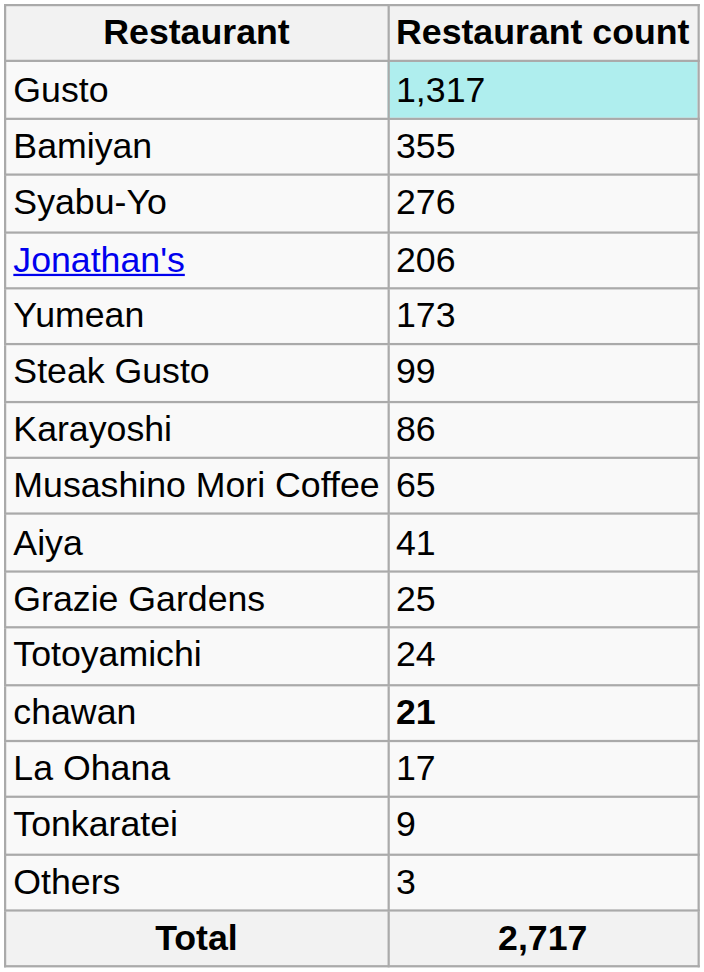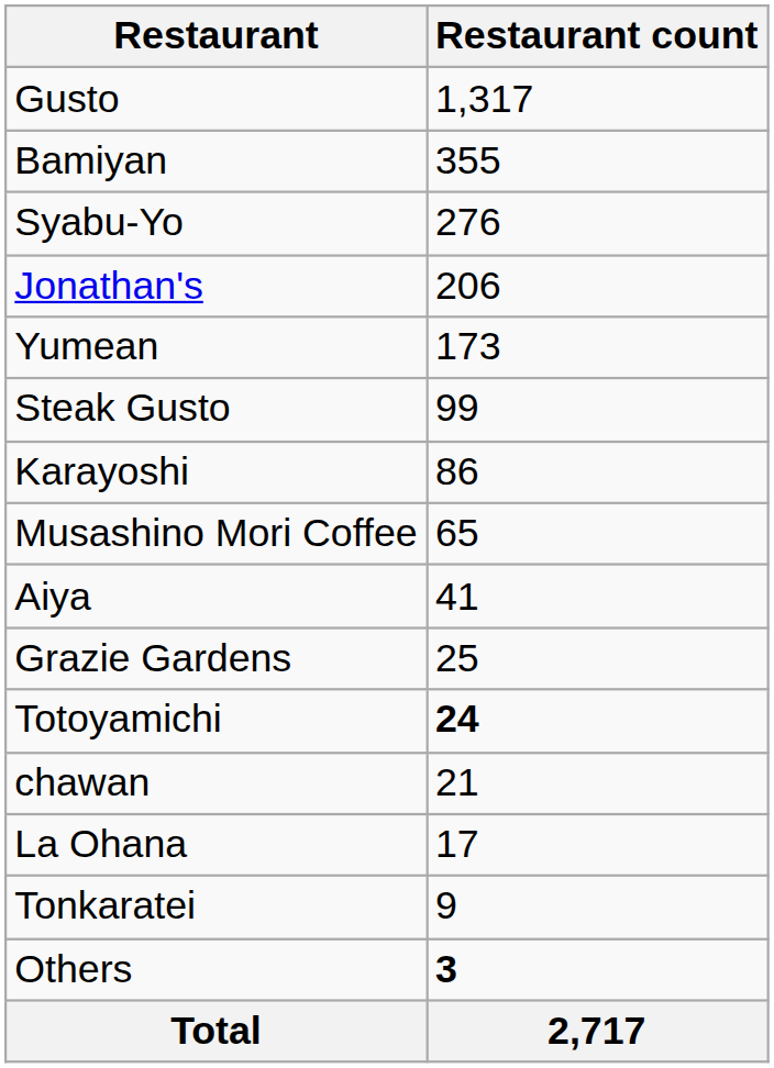 <table class="wikitable sortable">
 <tr>
 <th>Restaurant</th>
 <th>Restaurant count</th>
 </tr>
 <tr>
 <td>Gusto</td>
-<td style="background: paleturquoise;">1,317</td>
+<td>1,317</td>
 </tr>
 <tr>
 <td>Bamiyan</td>
 <td>355</td>
 </tr>
 <tr>
 <td>Syabu-Yo</td>
 <td>276</td>
 </tr>
 <tr>
 <td><a href='#'>Jonathan's</a></td>
 <td>206</td>
 </tr>
 <tr>
 <td>Yumean</td>
 <td>173</td>
 </tr>
 <tr>
 <td>Steak Gusto</td>
 <td>99</td>
 </tr>
 <tr>
 <td>Karayoshi</td>
 <td>86</td>
 </tr>
 <tr>
 <td>Musashino Mori Coffee</td>
 <td>65</td>
 </tr>
 <tr>
 <td>Aiya</td>
 <td>41</td>
 </tr>
 <tr>
 <td>Grazie Gardens</td>
 <td>25</td>
 </tr>
 <tr>
 <td>Totoyamichi</td>
-<td>24</td>
+<td><strong>24</strong></td>
 </tr>
 <tr>
 <td>chawan</td>
-<td><strong>21</strong></td>
+<td>21</td>
 </tr>
 <tr>
 <td>La Ohana</td>
 <td>17</td>
 </tr>
 <tr>
 <td>Tonkaratei</td>
 <td>9</td>
 </tr>
 <tr>
 <td>Others</td>
-<td>3</td>
+<td><strong>3</strong></td>
 </tr>
 <tr>
 <th>Total</th>
 <th>2,717</th>
 </tr>
 </table>
